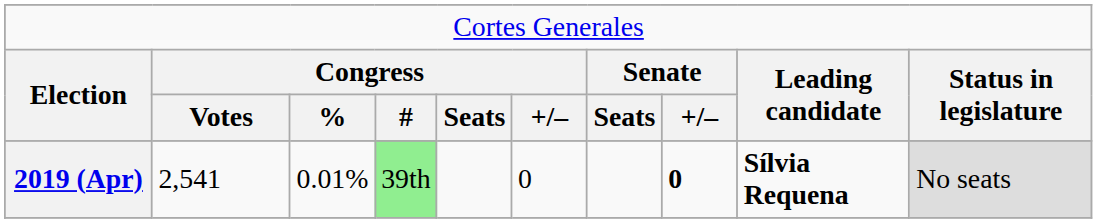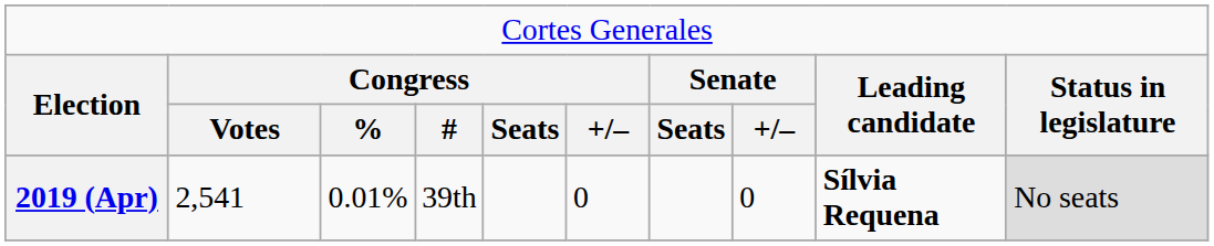 <table class="wikitable" style="font-size:97%; text-align:left;">
 <tr>
 <td colspan="10" align="center"><a href='#'>Cortes Generales</a></td>
 </tr>
 <tr>
 <th rowspan="2" width="75">Election</th>
 <th colspan="5">Congress</th>
 <th colspan="2">Senate</th>
 <th rowspan="2">Leading candidate</th>
 <th rowspan="2">Status in legislature</th>
 </tr>
 <tr>
 <th width="70">Votes</th>
 <th width="35">%</th>
 <th width="25">#</th>
 <th>Seats</th>
 <th width="35">+/–</th>
 <th>Seats</th>
 <th width="35">+/–</th>
 </tr>
 <tr>
 <th><a href='#'>2019 (Apr)</a></th>
 <td>2,541</td>
 <td>0.01%</td>
-<td style="background: lightgreen;">39th</td>
+<td>39th</td>
 <td></td>
 <td>0</td>
 <td></td>
-<td><strong>0</strong></td>
+<td>0</td>
 <td><strong>Sílvia Requena</strong></td>
 <td style="background:#ddd;">No seats</td>
 </tr>
 </table>
